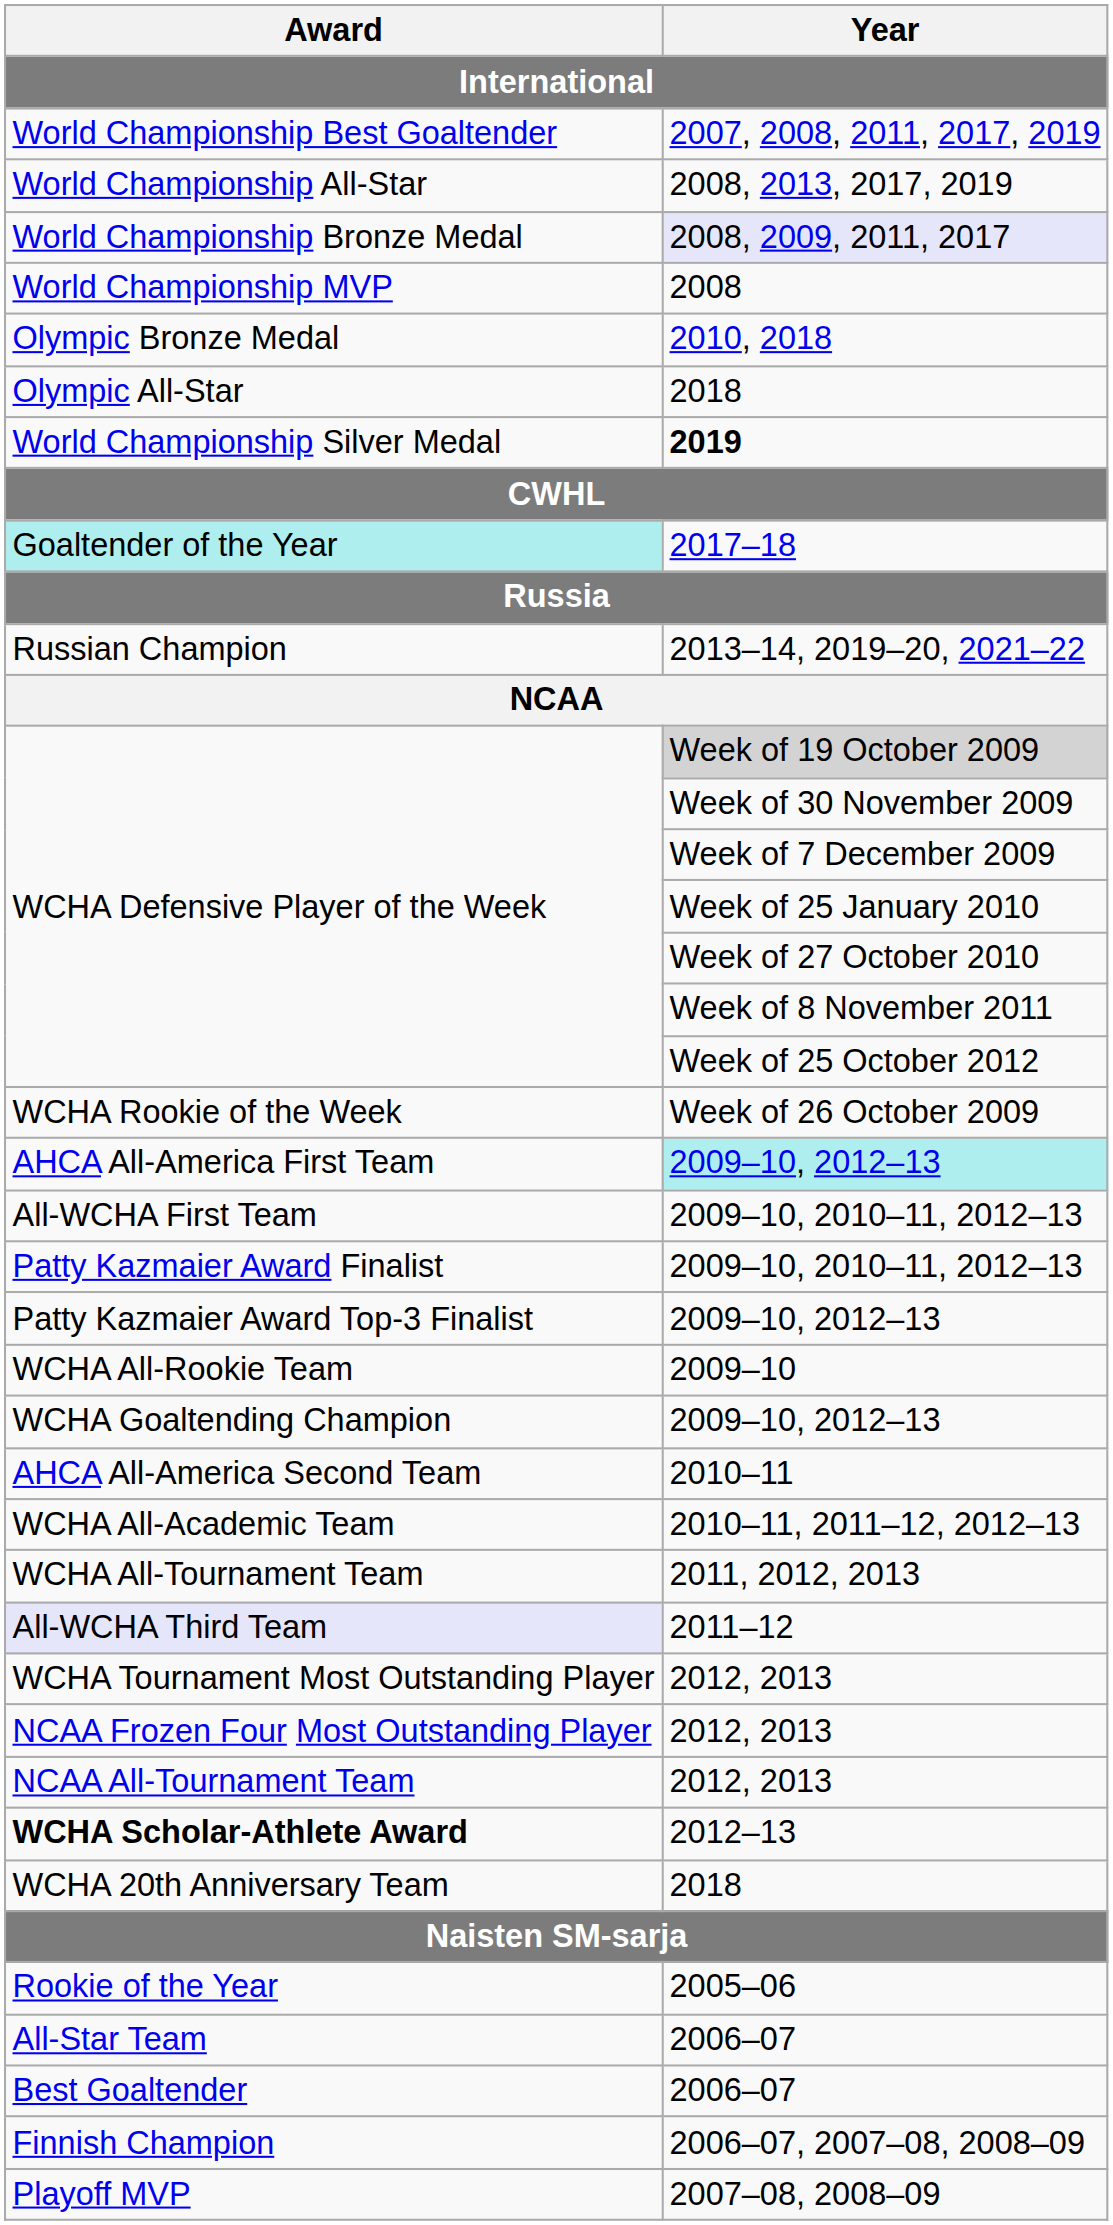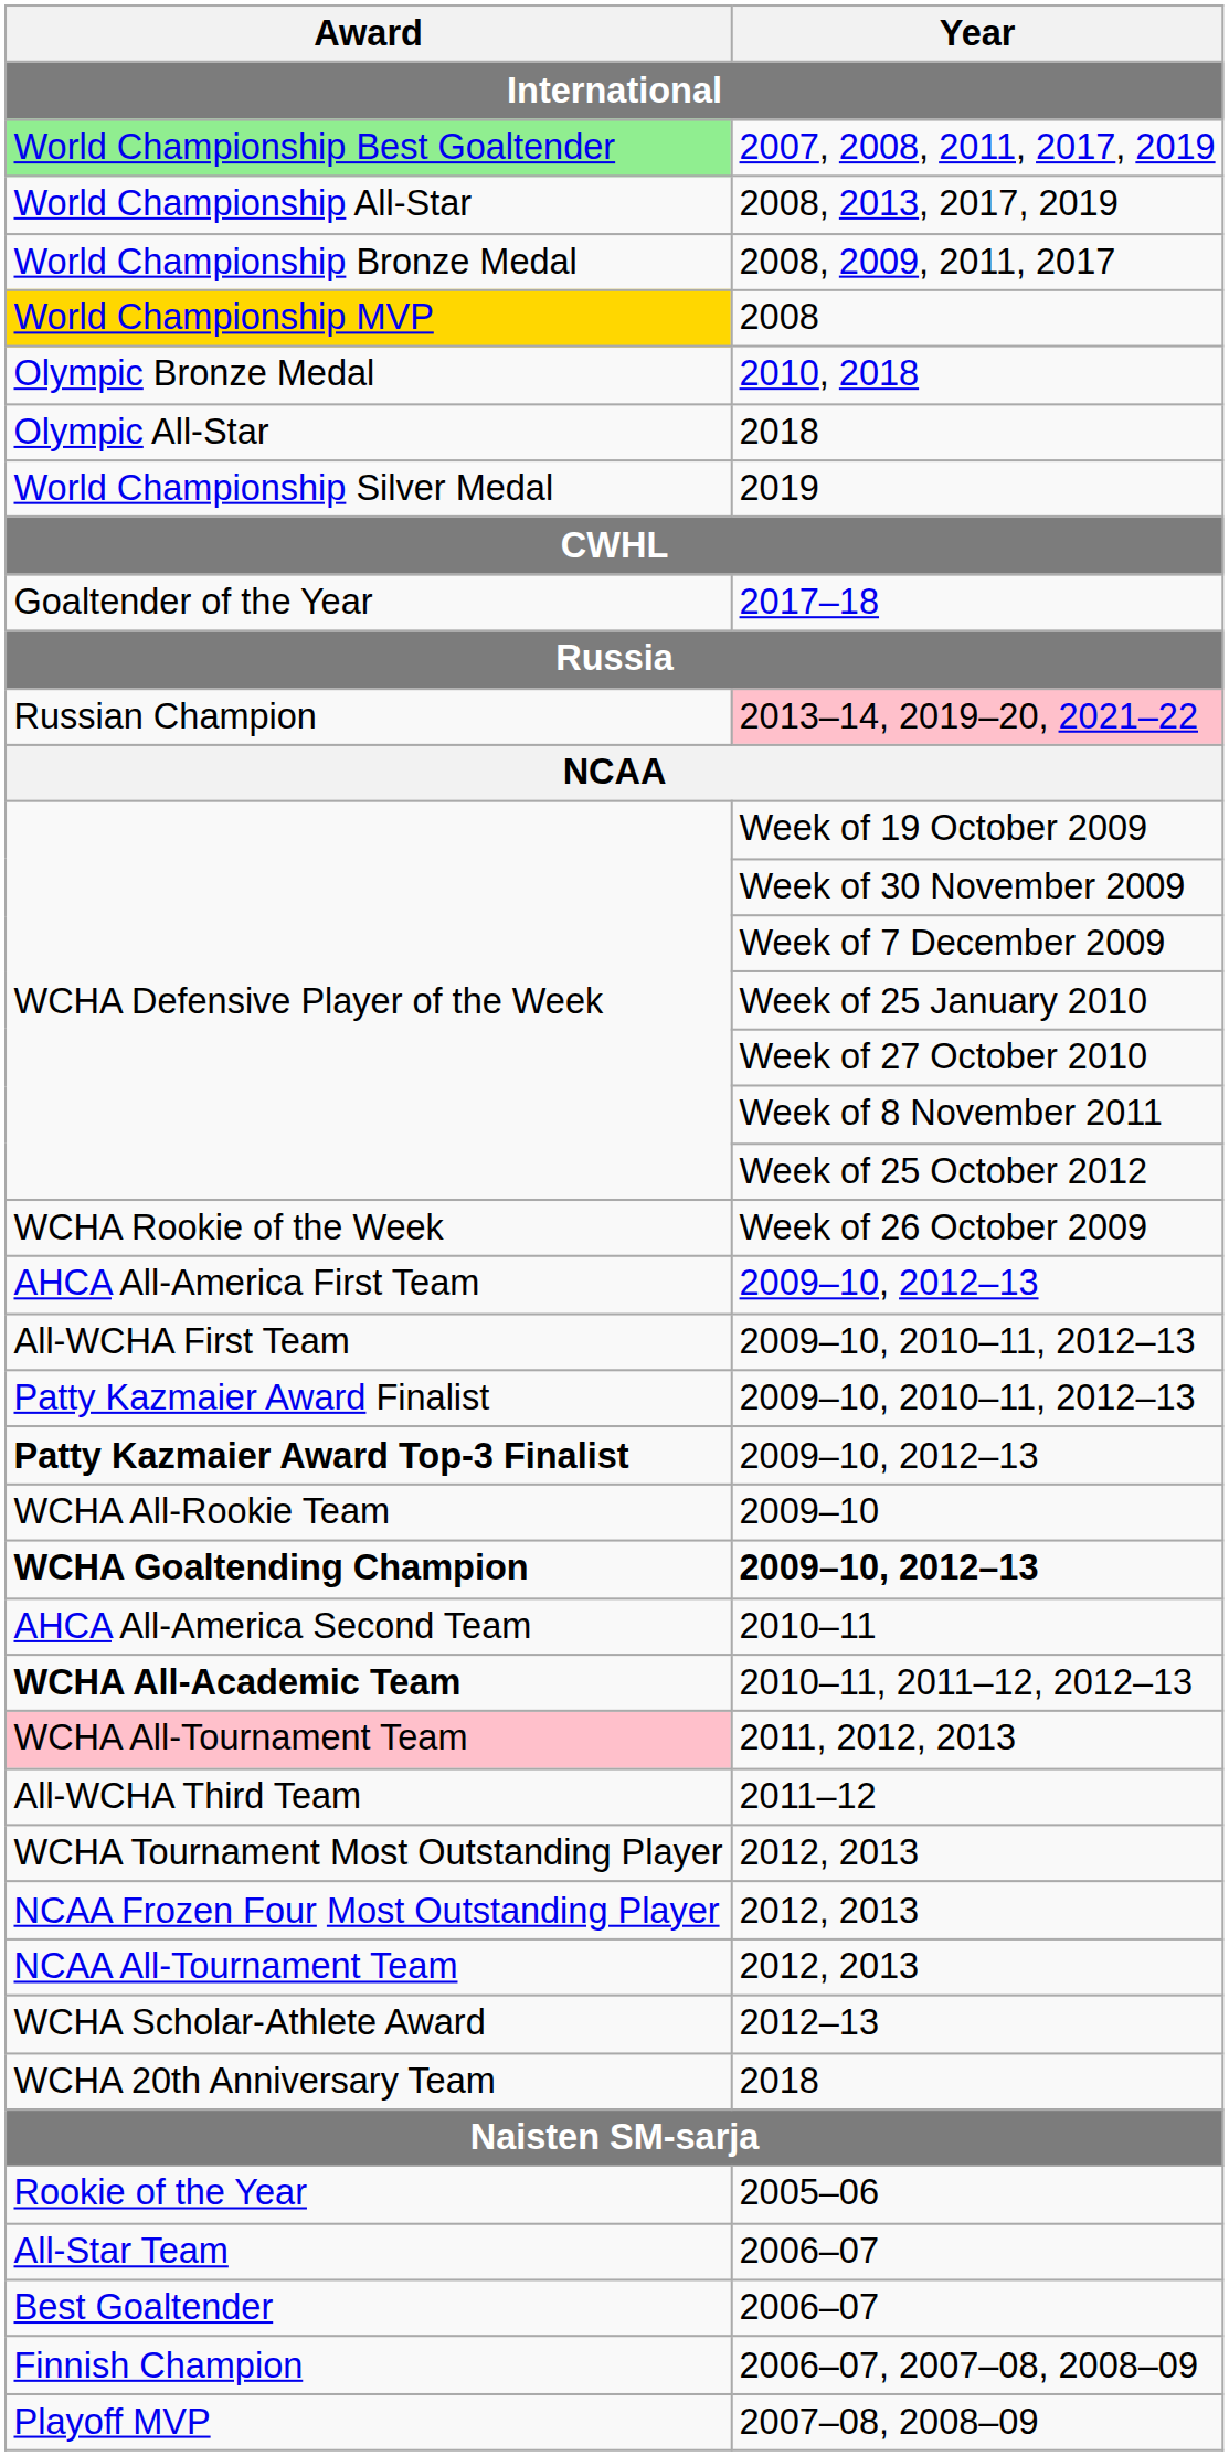 <table class="wikitable">
 <tr>
 <th scope="col">Award</th>
 <th scope="col">Year</th>
 </tr>
 <tr>
 <td colspan="2" style="text-align:center; color:white; background:#7c7c7c;"><strong>International</strong></td>
 </tr>
 <tr>
-<td><a href='#'>World Championship Best Goaltender</a></td>
+<td style="background: lightgreen;"><a href='#'>World Championship Best Goaltender</a></td>
 <td><a href='#'>2007</a>, <a href='#'>2008</a>, <a href='#'>2011</a>, <a href='#'>2017</a>, <a href='#'>2019</a></td>
 </tr>
 <tr>
 <td><a href='#'>World Championship</a> All-Star</td>
 <td>2008, <a href='#'>2013</a>, 2017, 2019</td>
 </tr>
 <tr>
 <td><a href='#'>World Championship</a> Bronze Medal</td>
-<td style="background: lavender;">2008, <a href='#'>2009</a>, 2011, 2017</td>
+<td>2008, <a href='#'>2009</a>, 2011, 2017</td>
 </tr>
 <tr>
-<td><a href='#'>World Championship MVP</a></td>
+<td style="background: gold;"><a href='#'>World Championship MVP</a></td>
 <td>2008</td>
 </tr>
 <tr>
 <td><a href='#'>Olympic</a> Bronze Medal</td>
 <td><a href='#'>2010</a>, <a href='#'>2018</a></td>
 </tr>
 <tr>
 <td><a href='#'>Olympic</a> All-Star</td>
 <td>2018</td>
 </tr>
 <tr>
 <td><a href='#'>World Championship</a> Silver Medal</td>
-<td><strong>2019</strong></td>
+<td>2019</td>
 </tr>
 <tr>
 <td colspan="2" style="text-align:center; color:white; background:#7c7c7c;"><strong>CWHL</strong></td>
 </tr>
 <tr>
-<td style="background: paleturquoise;">Goaltender of the Year</td>
+<td>Goaltender of the Year</td>
 <td><a href='#'>2017–18</a></td>
 </tr>
 <tr>
 <td colspan="2" style="text-align:center; color:white; background:#7c7c7c;"><strong>Russia</strong></td>
 </tr>
 <tr>
 <td>Russian Champion</td>
-<td>2013–14, 2019–20, <a href='#'>2021–22</a></td>
+<td style="background: pink;">2013–14, 2019–20, <a href='#'>2021–22</a></td>
 </tr>
 <tr>
 <th colspan="3">NCAA</th>
 </tr>
 <tr>
 <td rowspan="7">WCHA Defensive Player of the Week</td>
-<td style="background: lightgrey;">Week of 19 October 2009</td>
+<td>Week of 19 October 2009</td>
 </tr>
 <tr>
 <td>Week of 30 November 2009</td>
 </tr>
 <tr>
 <td>Week of 7 December 2009</td>
 </tr>
 <tr>
 <td>Week of 25 January 2010</td>
 </tr>
 <tr>
 <td>Week of 27 October 2010</td>
 </tr>
 <tr>
 <td>Week of 8 November 2011</td>
 </tr>
 <tr>
 <td>Week of 25 October 2012</td>
 </tr>
 <tr>
 <td>WCHA Rookie of the Week</td>
 <td>Week of 26 October 2009</td>
 </tr>
 <tr>
 <td><a href='#'>AHCA</a> All-America First Team</td>
-<td style="background: paleturquoise;"><a href='#'>2009–10</a>, <a href='#'>2012–13</a></td>
+<td><a href='#'>2009–10</a>, <a href='#'>2012–13</a></td>
 </tr>
 <tr>
 <td>All-WCHA First Team</td>
 <td>2009–10, 2010–11, 2012–13</td>
 </tr>
 <tr>
 <td><a href='#'>Patty Kazmaier Award</a> Finalist</td>
 <td>2009–10, 2010–11, 2012–13</td>
 </tr>
 <tr>
-<td>Patty Kazmaier Award Top-3 Finalist</td>
+<td><strong>Patty Kazmaier Award Top-3 Finalist</strong></td>
 <td>2009–10, 2012–13</td>
 </tr>
 <tr>
 <td>WCHA All-Rookie Team</td>
 <td>2009–10</td>
 </tr>
 <tr>
-<td>WCHA Goaltending Champion</td>
-<td>2009–10, 2012–13</td>
+<td><strong>WCHA Goaltending Champion</strong></td>
+<td><strong>2009–10, 2012–13</strong></td>
 </tr>
 <tr>
 <td><a href='#'>AHCA</a> All-America Second Team</td>
 <td>2010–11</td>
 </tr>
 <tr>
-<td>WCHA All-Academic Team</td>
+<td><strong>WCHA All-Academic Team</strong></td>
 <td>2010–11, 2011–12, 2012–13</td>
 </tr>
 <tr>
-<td>WCHA All-Tournament Team</td>
+<td style="background: pink;">WCHA All-Tournament Team</td>
 <td>2011, 2012, 2013</td>
 </tr>
 <tr>
-<td style="background: lavender;">All-WCHA Third Team</td>
+<td>All-WCHA Third Team</td>
 <td>2011–12</td>
 </tr>
 <tr>
 <td>WCHA Tournament Most Outstanding Player</td>
 <td>2012, 2013</td>
 </tr>
 <tr>
 <td><a href='#'>NCAA Frozen Four</a> <a href='#'>Most Outstanding Player</a></td>
 <td>2012, 2013</td>
 </tr>
 <tr>
 <td><a href='#'>NCAA All-Tournament Team</a></td>
 <td>2012, 2013</td>
 </tr>
 <tr>
-<td><strong>WCHA Scholar-Athlete Award</strong></td>
+<td>WCHA Scholar-Athlete Award</td>
 <td>2012–13</td>
 </tr>
 <tr>
 <td>WCHA 20th Anniversary Team</td>
 <td>2018</td>
 </tr>
 <tr>
 <td colspan="2" style="text-align:center; color:white; background:#7c7c7c;"><strong>Naisten SM-sarja</strong></td>
 </tr>
 <tr>
 <td><a href='#'>Rookie of the Year</a></td>
 <td>2005–06</td>
 </tr>
 <tr>
 <td><a href='#'>All-Star Team</a></td>
 <td>2006–07</td>
 </tr>
 <tr>
 <td><a href='#'>Best Goaltender</a></td>
 <td>2006–07</td>
 </tr>
 <tr>
 <td><a href='#'>Finnish Champion</a></td>
 <td>2006–07, 2007–08, 2008–09</td>
 </tr>
 <tr>
 <td><a href='#'>Playoff MVP</a></td>
 <td>2007–08, 2008–09</td>
 </tr>
 </table>
